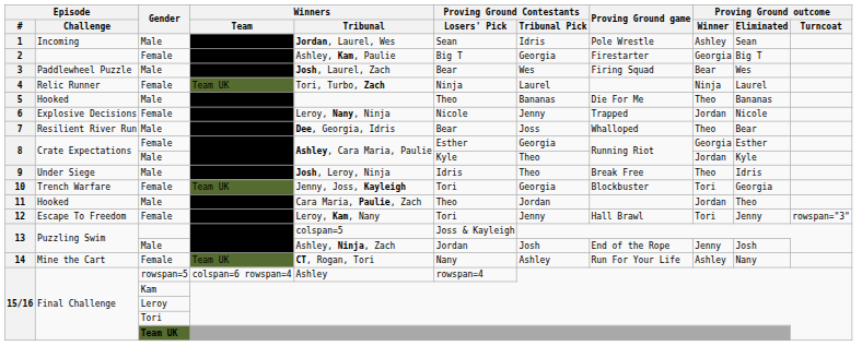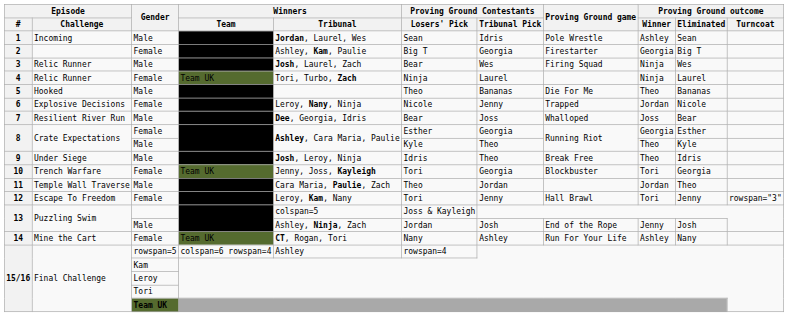 <table class="wikitable" style="font-size:90%; white-space:nowrap">
 <tr>
 <th colspan=2>Episode</th>
 <th rowspan=2>Gender</th>
 <th colspan=2>Winners</th>
 <th colspan="2">Proving Ground Contestants</th>
 <th rowspan=2>Proving Ground game</th>
 <th colspan="3">Proving Ground outcome</th>
 </tr>
 <tr>
 <th>#</th>
 <th>Challenge</th>
 <th>Team</th>
 <th>Tribunal</th>
 <th>Losers' Pick</th>
 <th>Tribunal Pick</th>
 <th>Winner</th>
 <th>Eliminated</th>
 <th>Turncoat</th>
 </tr>
 <tr>
 <th>1</th>
 <td>Incoming</td>
 <td>Male</td>
 <td bgcolor="black"><span>Team USA</span></td>
 <td><strong>Jordan</strong>, Laurel, Wes</td>
 <td>Sean</td>
 <td>Idris</td>
 <td>Pole Wrestle</td>
 <td>Ashley</td>
 <td>Sean</td>
 <td></td>
 </tr>
 <tr>
 <th>2</th>
 <td></td>
 <td>Female</td>
 <td bgcolor="black"><span>Team USA</span></td>
 <td>Ashley, <strong>Kam</strong>, Paulie</td>
 <td>Big T</td>
 <td>Georgia</td>
 <td>Firestarter</td>
 <td>Georgia</td>
 <td>Big T</td>
 <td></td>
 </tr>
 <tr>
 <th>3</th>
-<td>Paddlewheel Puzzle</td>
+<td>Relic Runner</td>
 <td>Male</td>
 <td bgcolor="black"><span>Team USA</span></td>
 <td><strong>Josh</strong>, Laurel, Zach</td>
 <td>Bear</td>
 <td>Wes</td>
 <td>Firing Squad</td>
-<td>Bear</td>
+<td>Ninja</td>
 <td>Wes</td>
 <td></td>
 </tr>
 <tr>
 <th>4</th>
 <td>Relic Runner</td>
 <td>Female</td>
 <td bgcolor="darkolivegreen"><span>Team UK</span></td>
 <td>Tori, Turbo, <strong>Zach</strong></td>
 <td>Ninja</td>
 <td>Laurel</td>
 <td></td>
 <td>Ninja</td>
 <td>Laurel</td>
 <td></td>
 </tr>
 <tr>
 <th>5</th>
 <td>Hooked</td>
 <td>Male</td>
 <td bgcolor="black"><span>Team USA</span></td>
 <td></td>
 <td>Theo</td>
 <td>Bananas</td>
 <td>Die For Me</td>
 <td>Theo</td>
 <td>Bananas</td>
 <td></td>
 </tr>
 <tr>
 <th>6</th>
 <td>Explosive Decisions</td>
 <td>Female</td>
 <td bgcolor="black"><span>Team USA</span></td>
 <td>Leroy, <strong>Nany</strong>, Ninja</td>
 <td>Nicole</td>
 <td>Jenny</td>
 <td>Trapped</td>
 <td>Jordan</td>
 <td>Nicole</td>
 <td></td>
 </tr>
 <tr>
 <th>7</th>
 <td>Resilient River Run</td>
 <td>Male</td>
 <td bgcolor="black"><span>Team USA</span></td>
 <td><strong>Dee</strong>, Georgia, Idris</td>
 <td>Bear</td>
 <td>Joss</td>
 <td>Whalloped</td>
-<td>Theo</td>
+<td>Joss</td>
 <td>Bear</td>
 <td></td>
 </tr>
 <tr>
 <th rowspan=2>8</th>
 <td rowspan=2>Crate Expectations</td>
 <td>Female</td>
 <td bgcolor="black" rowspan="2"><span>Team USA</span></td>
 <td rowspan=2><strong>Ashley</strong>, Cara Maria, Paulie</td>
 <td>Esther</td>
 <td>Georgia</td>
 <td rowspan=2>Running Riot</td>
 <td>Georgia</td>
 <td>Esther</td>
 <td></td>
 </tr>
 <tr>
 <td>Male</td>
 <td>Kyle</td>
 <td>Theo</td>
-<td>Jordan</td>
+<td>Theo</td>
 <td>Kyle</td>
 <td></td>
 </tr>
 <tr>
 <th>9</th>
 <td>Under Siege</td>
 <td>Male</td>
 <td bgcolor="black"><span>Team USA</span></td>
 <td><strong>Josh</strong>, Leroy, Ninja</td>
 <td>Idris</td>
 <td>Theo</td>
 <td>Break Free</td>
 <td>Theo</td>
 <td>Idris</td>
 <td></td>
 </tr>
 <tr>
 <th>10</th>
 <td>Trench Warfare</td>
 <td>Female</td>
 <td bgcolor="darkolivegreen"><span>Team UK</span></td>
 <td>Jenny, Joss, <strong>Kayleigh</strong></td>
 <td>Tori</td>
 <td>Georgia</td>
 <td>Blockbuster</td>
 <td>Tori</td>
 <td>Georgia</td>
 <td></td>
 </tr>
 <tr>
 <th>11</th>
-<td>Hooked</td>
+<td>Temple Wall Traverse</td>
 <td>Male</td>
 <td bgcolor="black"><span>Team USA</span></td>
 <td>Cara Maria, <strong>Paulie</strong>, Zach</td>
 <td>Theo</td>
 <td>Jordan</td>
 <td></td>
 <td>Jordan</td>
 <td>Theo</td>
 <td></td>
 </tr>
 <tr>
 <th>12</th>
 <td>Escape To Freedom</td>
 <td>Female</td>
 <td bgcolor="black"><span>Team USA</span></td>
 <td>Leroy, <strong>Kam</strong>, Nany</td>
 <td>Tori</td>
 <td>Jenny</td>
 <td>Hall Brawl</td>
 <td>Tori</td>
 <td>Jenny</td>
 <td>rowspan="3" </td>
 </tr>
 <tr>
 <th rowspan=2>13</th>
 <td rowspan=2>Puzzling Swim</td>
 <td></td>
 <td bgcolor="black" rowspan="2"><span>Team USA</span></td>
 <td>colspan=5 </td>
 <td>Joss & Kayleigh</td>
 </tr>
 <tr>
 <td>Male</td>
 <td>Ashley, <strong>Ninja</strong>, Zach</td>
 <td>Jordan</td>
 <td>Josh</td>
 <td>End of the Rope</td>
 <td>Jenny</td>
 <td>Josh</td>
 </tr>
 <tr>
 <th>14</th>
 <td>Mine the Cart</td>
 <td>Female</td>
 <td bgcolor="darkolivegreen"><span>Team UK</span></td>
 <td><strong>CT</strong>, Rogan, Tori</td>
 <td>Nany</td>
 <td>Ashley</td>
 <td>Run For Your Life</td>
 <td>Ashley</td>
 <td>Nany</td>
 <td></td>
 </tr>
 <tr>
 <th rowspan=5>15/16</th>
 <td rowspan=5>Final Challenge</td>
 <td>rowspan=5 </td>
 <td>colspan=6 rowspan=4 </td>
 <td>Ashley</td>
 <td>rowspan=4 </td>
 </tr>
 <tr>
 <td>Kam</td>
 </tr>
 <tr>
 <td>Leroy</td>
 </tr>
 <tr>
 <td>Tori</td>
 </tr>
 <tr>
 <td bgcolor="darkolivegreen"><span><strong>Team UK</strong></span></td>
 <td colspan="7" bgcolor="darkgray"></td>
 </tr>
 </table>
